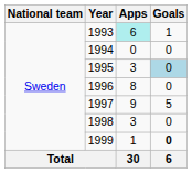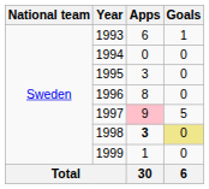 <table class="wikitable" style="text-align:center">
 <tr>
 <th>National team</th>
 <th>Year</th>
 <th>Apps</th>
 <th>Goals</th>
 </tr>
 <tr>
 <td rowspan="7"><a href='#'>Sweden</a></td>
 <td>1993</td>
-<td style="background: paleturquoise;">6</td>
+<td>6</td>
 <td>1</td>
 </tr>
 <tr>
 <td>1994</td>
 <td>0</td>
 <td>0</td>
 </tr>
 <tr>
 <td>1995</td>
 <td>3</td>
-<td style="background: lightblue;">0</td>
+<td>0</td>
 </tr>
 <tr>
 <td>1996</td>
 <td>8</td>
 <td>0</td>
 </tr>
 <tr>
 <td>1997</td>
-<td>9</td>
+<td style="background: pink;">9</td>
 <td>5</td>
 </tr>
 <tr>
 <td>1998</td>
-<td>3</td>
-<td>0</td>
+<td><strong>3</strong></td>
+<td style="background: khaki;">0</td>
 </tr>
 <tr>
 <td>1999</td>
 <td>1</td>
-<td><strong>0</strong></td>
+<td>0</td>
 </tr>
 <tr>
 <th colspan="2">Total</th>
 <th>30</th>
 <th>6</th>
 </tr>
 </table>
